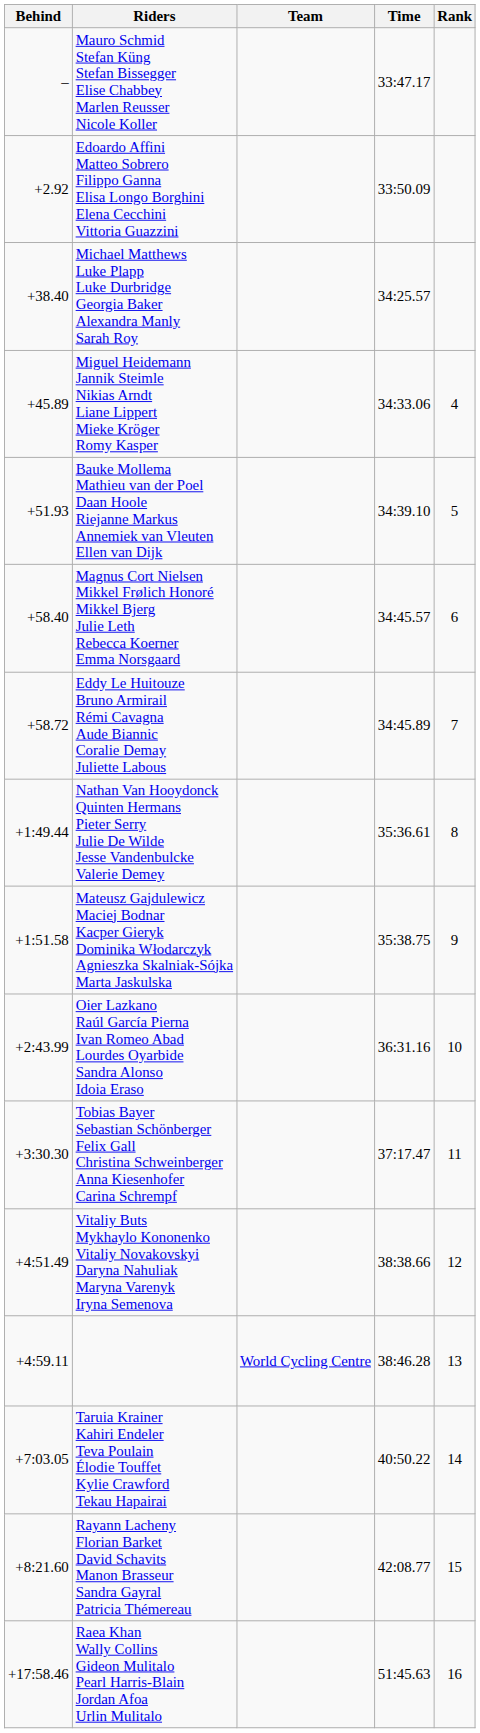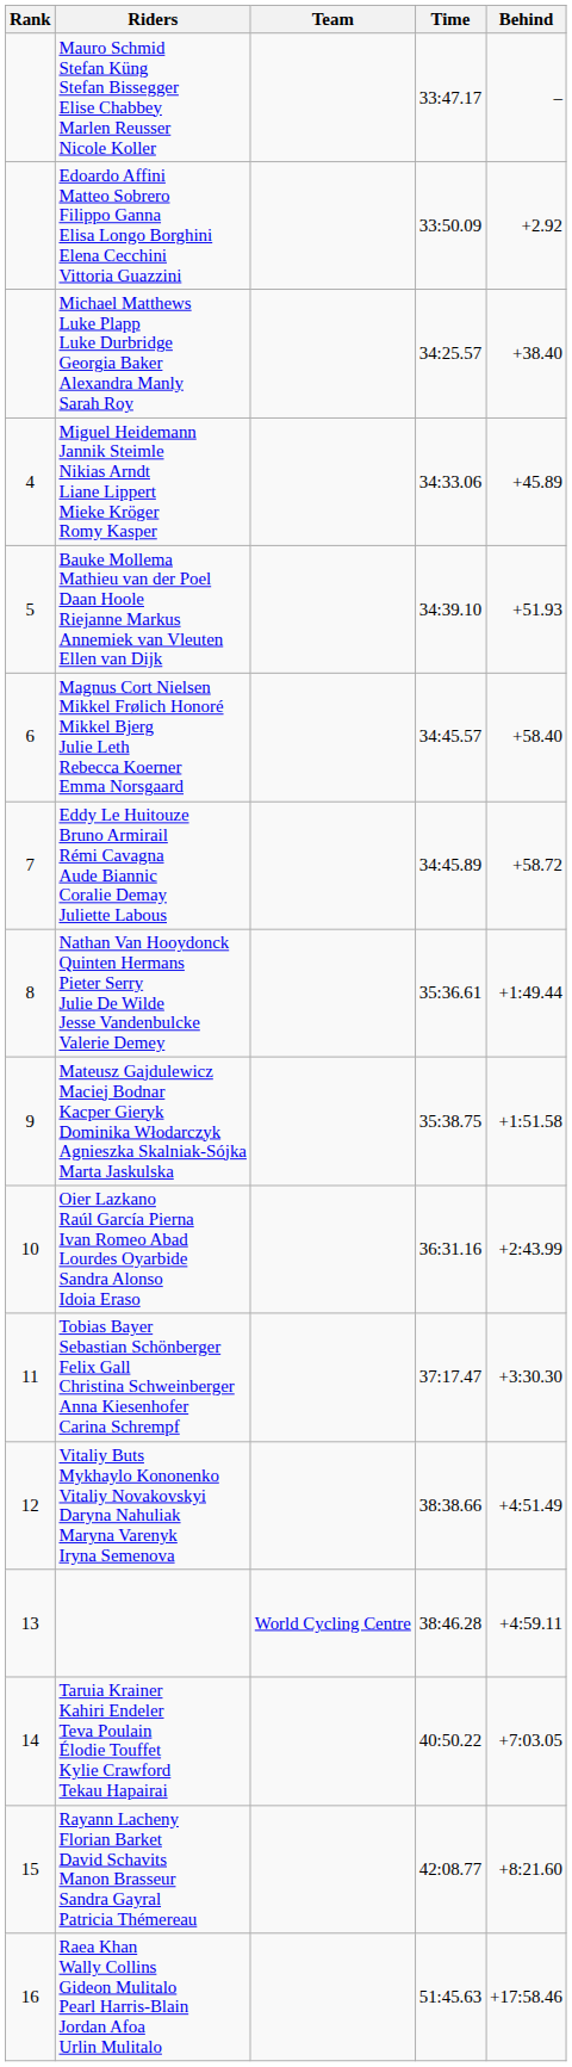 <table class="wikitable sortable" style="text-align: center">
 <tr>
-<th>Behind</th>
+<th>Rank</th>
 <th>Riders</th>
 <th>Team</th>
 <th>Time</th>
-<th>Rank</th>
+<th>Behind</th>
 </tr>
 <tr>
-<td align="right">–</td>
+<td></td>
 <td align="left"><a href='#'>Mauro Schmid</a><br><a href='#'>Stefan Küng</a><br><a href='#'>Stefan Bissegger</a><br><a href='#'>Elise Chabbey</a><br><a href='#'>Marlen Reusser</a><br><a href='#'>Nicole Koller</a></td>
 <td align="left"></td>
 <td>33:47.17</td>
-<td></td>
+<td align="right">–</td>
 </tr>
 <tr>
-<td align="right">+2.92</td>
+<td></td>
 <td align="left"><a href='#'>Edoardo Affini</a><br><a href='#'>Matteo Sobrero</a><br><a href='#'>Filippo Ganna</a><br><a href='#'>Elisa Longo Borghini</a><br><a href='#'>Elena Cecchini</a><br><a href='#'>Vittoria Guazzini</a></td>
 <td align="left"></td>
 <td>33:50.09</td>
-<td></td>
+<td align="right">+2.92</td>
 </tr>
 <tr>
-<td align="right">+38.40</td>
+<td></td>
 <td align="left"><a href='#'>Michael Matthews</a><br><a href='#'>Luke Plapp</a><br><a href='#'>Luke Durbridge</a><br><a href='#'>Georgia Baker</a><br><a href='#'>Alexandra Manly</a><br> <a href='#'>Sarah Roy</a></td>
 <td align="left"></td>
 <td>34:25.57</td>
-<td></td>
+<td align="right">+38.40</td>
 </tr>
 <tr>
-<td align="right">+45.89</td>
+<td>4</td>
 <td align="left"><a href='#'>Miguel Heidemann</a><br><a href='#'>Jannik Steimle</a><br><a href='#'>Nikias Arndt</a><br><a href='#'>Liane Lippert</a><br><a href='#'>Mieke Kröger</a><br><a href='#'>Romy Kasper</a></td>
 <td align="left"></td>
 <td>34:33.06</td>
-<td>4</td>
+<td align="right">+45.89</td>
 </tr>
 <tr>
-<td align="right">+51.93</td>
+<td>5</td>
 <td align="left"><a href='#'>Bauke Mollema</a><br><a href='#'>Mathieu van der Poel</a><br><a href='#'>Daan Hoole</a><br><a href='#'>Riejanne Markus</a><br><a href='#'>Annemiek van Vleuten</a><br><a href='#'>Ellen van Dijk</a></td>
 <td align="left"></td>
 <td>34:39.10</td>
-<td>5</td>
+<td align="right">+51.93</td>
 </tr>
 <tr>
-<td align="right">+58.40</td>
+<td>6</td>
 <td align="left"><a href='#'>Magnus Cort Nielsen</a><br><a href='#'>Mikkel Frølich Honoré </a><br><a href='#'>Mikkel Bjerg</a><br><a href='#'>Julie Leth</a><br><a href='#'>Rebecca Koerner</a><br><a href='#'>Emma Norsgaard</a></td>
 <td align="left"></td>
 <td>34:45.57</td>
-<td>6</td>
+<td align="right">+58.40</td>
 </tr>
 <tr>
-<td align="right">+58.72</td>
+<td>7</td>
 <td align="left"><a href='#'>Eddy Le Huitouze</a><br><a href='#'>Bruno Armirail</a><br><a href='#'>Rémi Cavagna</a><br><a href='#'>Aude Biannic</a><br><a href='#'>Coralie Demay</a><br><a href='#'>Juliette Labous</a></td>
 <td align="left"></td>
 <td>34:45.89</td>
-<td>7</td>
+<td align="right">+58.72</td>
 </tr>
 <tr>
-<td align="right">+1:49.44</td>
+<td>8</td>
 <td align="left"><a href='#'>Nathan Van Hooydonck</a><br><a href='#'>Quinten Hermans</a><br><a href='#'>Pieter Serry</a><br><a href='#'>Julie De Wilde</a><br><a href='#'>Jesse Vandenbulcke</a><br><a href='#'>Valerie Demey</a></td>
 <td align="left"></td>
 <td>35:36.61</td>
-<td>8</td>
+<td align="right">+1:49.44</td>
 </tr>
 <tr>
-<td align="right">+1:51.58</td>
+<td>9</td>
 <td align="left"><a href='#'>Mateusz Gajdulewicz</a><br><a href='#'>Maciej Bodnar</a><br><a href='#'>Kacper Gieryk</a><br><a href='#'>Dominika Włodarczyk</a><br><a href='#'>Agnieszka Skalniak-Sójka</a><br><a href='#'>Marta Jaskulska</a></td>
 <td align="left"></td>
 <td>35:38.75</td>
-<td>9</td>
+<td align="right">+1:51.58</td>
 </tr>
 <tr>
-<td align="right">+2:43.99</td>
+<td>10</td>
 <td align="left"><a href='#'>Oier Lazkano</a><br><a href='#'>Raúl García Pierna</a><br><a href='#'>Ivan Romeo Abad</a><br><a href='#'>Lourdes Oyarbide</a><br><a href='#'>Sandra Alonso</a><br><a href='#'>Idoia Eraso</a></td>
 <td align="left"></td>
 <td>36:31.16</td>
-<td>10</td>
+<td align="right">+2:43.99</td>
 </tr>
 <tr>
-<td align="right">+3:30.30</td>
+<td>11</td>
 <td align="left"><a href='#'>Tobias Bayer</a><br><a href='#'>Sebastian Schönberger</a> <br><a href='#'>Felix Gall</a><br><a href='#'>Christina Schweinberger</a><br><a href='#'>Anna Kiesenhofer</a><br><a href='#'>Carina Schrempf</a></td>
 <td align="left"></td>
 <td>37:17.47</td>
-<td>11</td>
+<td align="right">+3:30.30</td>
 </tr>
 <tr>
-<td align="right">+4:51.49</td>
+<td>12</td>
 <td align="left"><a href='#'>Vitaliy Buts</a><br><a href='#'>Mykhaylo Kononenko</a> <br><a href='#'>Vitaliy Novakovskyi</a><br><a href='#'>Daryna Nahuliak</a><br><a href='#'>Maryna Varenyk</a><br><a href='#'>Iryna Semenova</a></td>
 <td align="left"></td>
 <td>38:38.66</td>
-<td>12</td>
+<td align="right">+4:51.49</td>
 </tr>
 <tr>
-<td align="right">+4:59.11</td>
+<td>13</td>
 <td align="left"><br> <br><br><br><br></td>
 <td align="left"><a href='#'>World Cycling Centre</a></td>
 <td>38:46.28</td>
-<td>13</td>
+<td align="right">+4:59.11</td>
 </tr>
 <tr>
-<td align="right">+7:03.05</td>
+<td>14</td>
 <td align="left"><a href='#'>Taruia Krainer</a><br><a href='#'>Kahiri Endeler</a> <br><a href='#'>Teva Poulain</a><br><a href='#'>Élodie Touffet</a><br><a href='#'>Kylie Crawford</a><br><a href='#'>Tekau Hapairai</a></td>
 <td align="left"></td>
 <td>40:50.22</td>
-<td>14</td>
+<td align="right">+7:03.05</td>
 </tr>
 <tr>
-<td align="right">+8:21.60</td>
+<td>15</td>
 <td align="left"><a href='#'>Rayann Lacheny</a><br><a href='#'>Florian Barket</a> <br><a href='#'>David Schavits</a><br><a href='#'>Manon Brasseur</a><br><a href='#'>Sandra Gayral</a><br><a href='#'>Patricia Thémereau</a></td>
 <td align="left"></td>
 <td>42:08.77</td>
-<td>15</td>
+<td align="right">+8:21.60</td>
 </tr>
 <tr>
-<td align="right">+17:58.46</td>
+<td>16</td>
 <td align="left"><a href='#'>Raea Khan</a><br><a href='#'>Wally Collins</a> <br><a href='#'>Gideon Mulitalo</a><br><a href='#'>Pearl Harris-Blain</a><br><a href='#'>Jordan Afoa</a><br><a href='#'>Urlin Mulitalo</a></td>
 <td align="left"></td>
 <td>51:45.63</td>
-<td>16</td>
+<td align="right">+17:58.46</td>
 </tr>
 </table>
